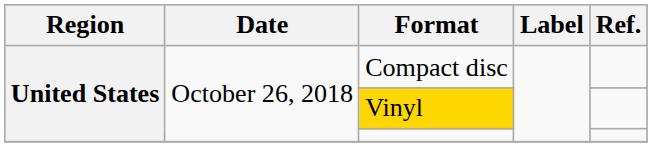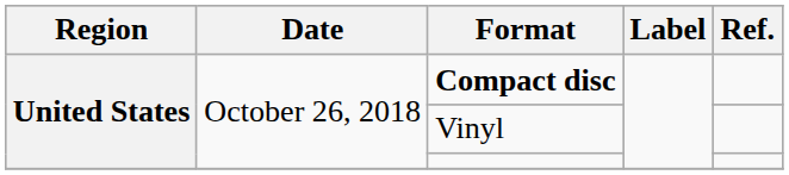 <table class="wikitable plainrowheaders">
 <tr>
 <th scope="col">Region</th>
 <th scope="col">Date</th>
 <th scope="col">Format</th>
 <th scope="col">Label</th>
 <th scope="col">Ref.</th>
 </tr>
 <tr>
 <th scope="row" rowspan="3">United States</th>
 <td rowspan="3">October 26, 2018</td>
-<td>Compact disc</td>
+<td><strong>Compact disc</strong></td>
 <td rowspan="3"></td>
 <td></td>
 </tr>
 <tr>
-<td style="background: gold;">Vinyl</td>
+<td>Vinyl</td>
 <td></td>
 </tr>
 <tr>
 <td></td>
 <td></td>
 </tr>
 <tr>
 </tr>
 </table>
